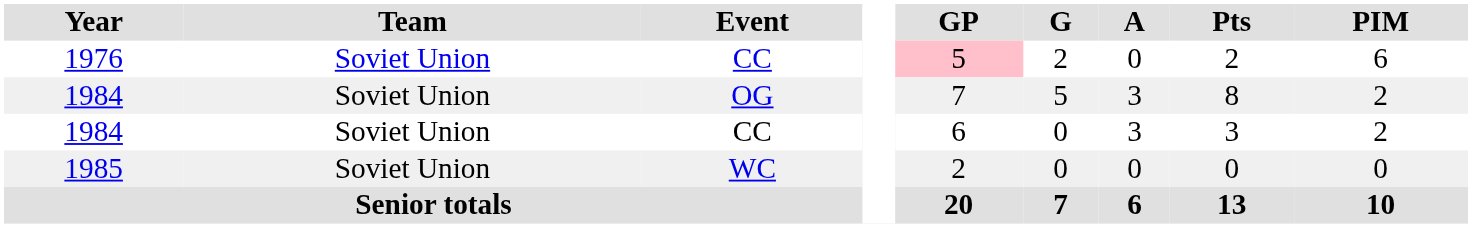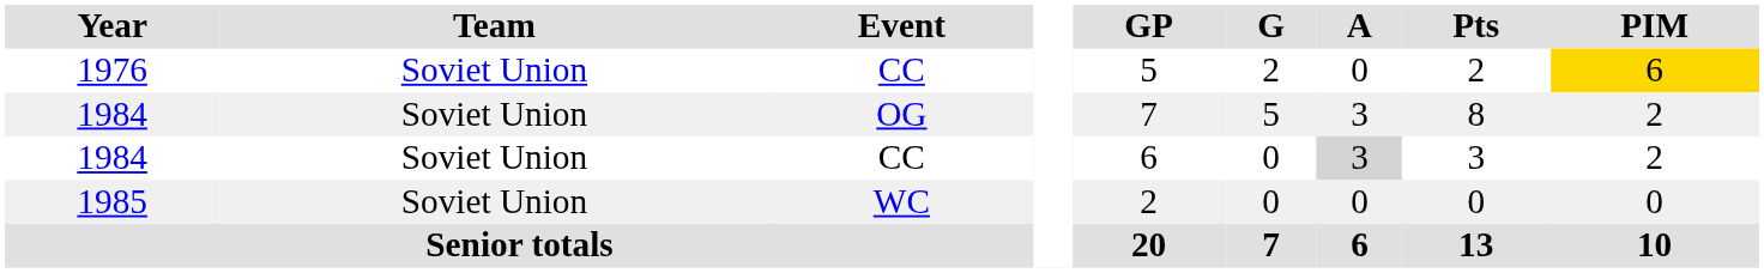 <table border="0" cellpadding="1" cellspacing="0" style="text-align:center; width:50em">
 <tr ALIGN="center" bgcolor="#e0e0e0">
 <th>Year</th>
 <th>Team</th>
 <th>Event</th>
 <th ALIGN="center" rowspan="99" bgcolor="#ffffff"> </th>
 <th>GP</th>
 <th>G</th>
 <th>A</th>
 <th>Pts</th>
 <th>PIM</th>
 </tr>
 <tr>
 <td><a href='#'>1976</a></td>
 <td><a href='#'>Soviet Union</a></td>
 <td><a href='#'>CC</a></td>
-<td style="background: pink;">5</td>
+<td>5</td>
 <td>2</td>
 <td>0</td>
 <td>2</td>
-<td>6</td>
+<td style="background: gold;">6</td>
 </tr>
 <tr bgcolor="#f0f0f0">
 <td><a href='#'>1984</a></td>
 <td>Soviet Union</td>
 <td><a href='#'>OG</a></td>
 <td>7</td>
 <td>5</td>
 <td>3</td>
 <td>8</td>
 <td>2</td>
 </tr>
 <tr>
 <td><a href='#'>1984</a></td>
 <td>Soviet Union</td>
 <td>CC</td>
 <td>6</td>
 <td>0</td>
-<td>3</td>
+<td style="background: lightgrey;">3</td>
 <td>3</td>
 <td>2</td>
 </tr>
 <tr bgcolor="#f0f0f0">
 <td><a href='#'>1985</a></td>
 <td>Soviet Union</td>
 <td><a href='#'>WC</a></td>
 <td>2</td>
 <td>0</td>
 <td>0</td>
 <td>0</td>
 <td>0</td>
 </tr>
 <tr bgcolor="#e0e0e0">
 <th colspan=3>Senior totals</th>
 <th>20</th>
 <th>7</th>
 <th>6</th>
 <th>13</th>
 <th>10</th>
 </tr>
 </table>
